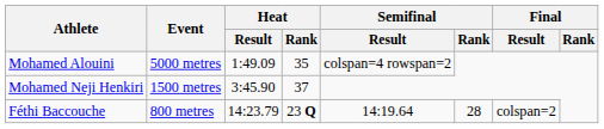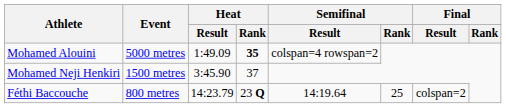 <table class=wikitable style=font-size:90%>
 <tr>
 <th rowspan=2>Athlete</th>
 <th rowspan=2>Event</th>
 <th colspan=2>Heat</th>
 <th colspan=2>Semifinal</th>
 <th colspan=2>Final</th>
 </tr>
 <tr style=font-size:95%>
 <th>Result</th>
 <th>Rank</th>
 <th>Result</th>
 <th>Rank</th>
 <th>Result</th>
 <th>Rank</th>
 </tr>
 <tr align=center>
 <td align=left><a href='#'>Mohamed Alouini</a></td>
 <td align=left><a href='#'>5000 metres</a></td>
 <td>1:49.09</td>
-<td>35</td>
+<td><strong>35</strong></td>
 <td>colspan=4 rowspan=2 </td>
 </tr>
 <tr align=center>
 <td align=left><a href='#'>Mohamed Neji Henkiri</a></td>
 <td align=left><a href='#'>1500 metres</a></td>
 <td>3:45.90</td>
 <td>37</td>
 </tr>
 <tr align=center>
 <td align=left><a href='#'>Féthi Baccouche</a></td>
 <td align=left><a href='#'>800 metres</a></td>
 <td>14:23.79</td>
 <td>23 <strong>Q</strong></td>
 <td>14:19.64</td>
-<td>28</td>
+<td>25</td>
 <td>colspan=2 </td>
 </tr>
 </table>
